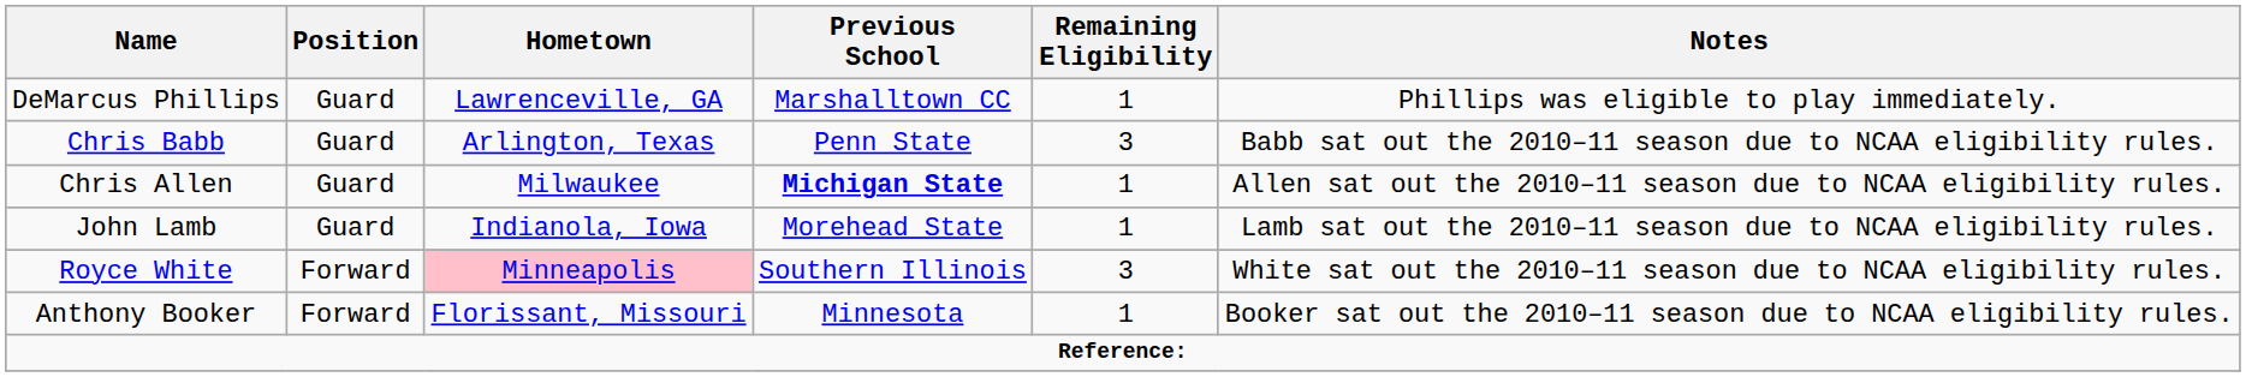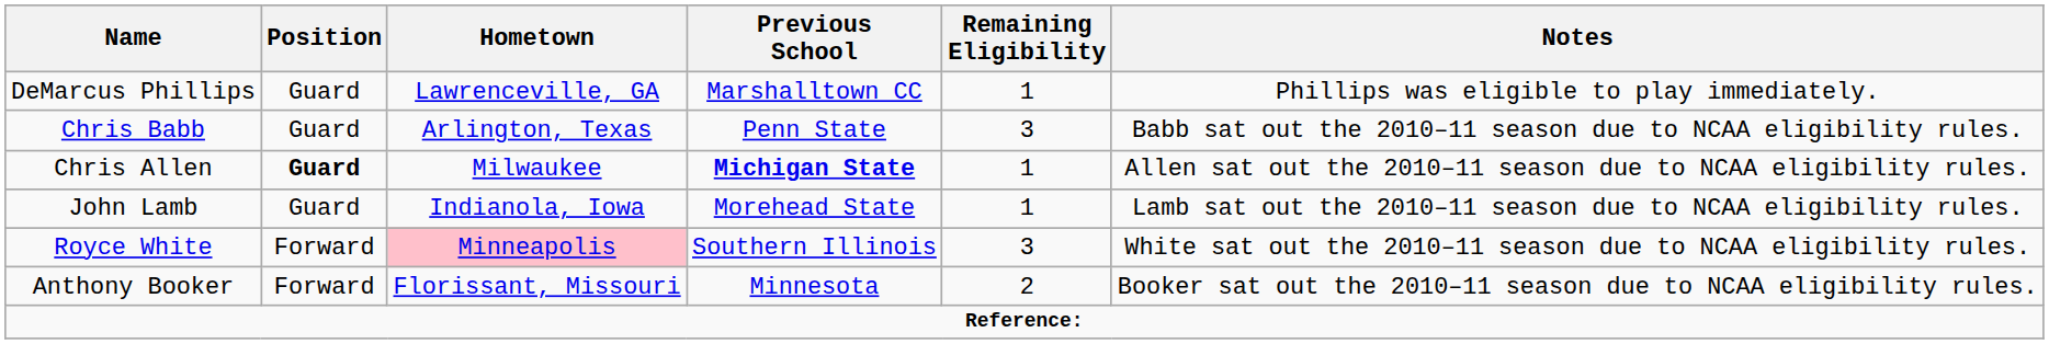 <table class="wikitable" style="text-align: center">
 <tr align=center>
 <th>Name</th>
 <th>Position</th>
 <th>Hometown</th>
 <th>Previous<br>School</th>
 <th>Remaining<br>Eligibility</th>
 <th>Notes</th>
 </tr>
 <tr>
 <td>DeMarcus Phillips</td>
 <td>Guard</td>
 <td><a href='#'>Lawrenceville, GA</a></td>
 <td><a href='#'>Marshalltown CC</a></td>
 <td>1</td>
 <td>Phillips was eligible to play immediately.</td>
 </tr>
 <tr>
 <td><a href='#'>Chris Babb</a></td>
 <td>Guard</td>
 <td><a href='#'>Arlington, Texas</a></td>
 <td><a href='#'>Penn State</a></td>
 <td>3</td>
 <td>Babb sat out the 2010–11 season due to NCAA eligibility rules.</td>
 </tr>
 <tr>
 <td>Chris Allen</td>
-<td>Guard</td>
+<td><strong>Guard</strong></td>
 <td><a href='#'>Milwaukee</a></td>
 <td><strong><a href='#'>Michigan State</a></strong></td>
 <td>1</td>
 <td>Allen sat out the 2010–11 season due to NCAA eligibility rules.</td>
 </tr>
 <tr>
 <td>John Lamb</td>
 <td>Guard</td>
 <td><a href='#'>Indianola, Iowa</a></td>
 <td><a href='#'>Morehead State</a></td>
 <td>1</td>
 <td>Lamb sat out the 2010–11 season due to NCAA eligibility rules.</td>
 </tr>
 <tr>
 <td><a href='#'>Royce White</a></td>
 <td>Forward</td>
 <td style="background: pink;"><a href='#'>Minneapolis</a></td>
 <td><a href='#'>Southern Illinois</a></td>
 <td>3</td>
 <td>White sat out the 2010–11 season due to NCAA eligibility rules.</td>
 </tr>
 <tr>
 <td>Anthony Booker</td>
 <td>Forward</td>
 <td><a href='#'>Florissant, Missouri</a></td>
 <td><a href='#'>Minnesota</a></td>
-<td>1</td>
+<td>2</td>
 <td>Booker sat out the 2010–11 season due to NCAA eligibility rules.</td>
 </tr>
 <tr>
 <td colspan="6"  style="font-size:8pt; text-align:center;"><strong>Reference:</strong></td>
 </tr>
 </table>
